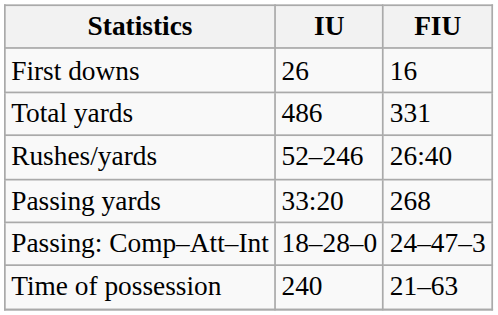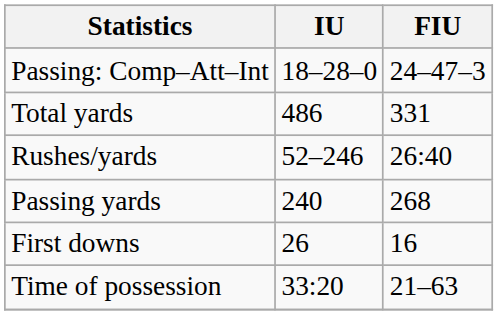 <table class="wikitable" style="float: left;">
 <tr>
 <th>Statistics</th>
 <th>IU</th>
 <th>FIU</th>
 </tr>
 <tr>
-<td>First downs</td>
-<td>26</td>
-<td>16</td>
+<td>Passing: Comp–Att–Int</td>
+<td>18–28–0</td>
+<td>24–47–3</td>
 </tr>
 <tr>
 <td>Total yards</td>
 <td>486</td>
 <td>331</td>
 </tr>
 <tr>
 <td>Rushes/yards</td>
 <td>52–246</td>
 <td>26:40</td>
 </tr>
 <tr>
 <td>Passing yards</td>
-<td>33:20</td>
+<td>240</td>
 <td>268</td>
 </tr>
 <tr>
-<td>Passing: Comp–Att–Int</td>
-<td>18–28–0</td>
-<td>24–47–3</td>
+<td>First downs</td>
+<td>26</td>
+<td>16</td>
 </tr>
 <tr>
 <td>Time of possession</td>
-<td>240</td>
+<td>33:20</td>
 <td>21–63</td>
 </tr>
 <tr>
 </tr>
 </table>
